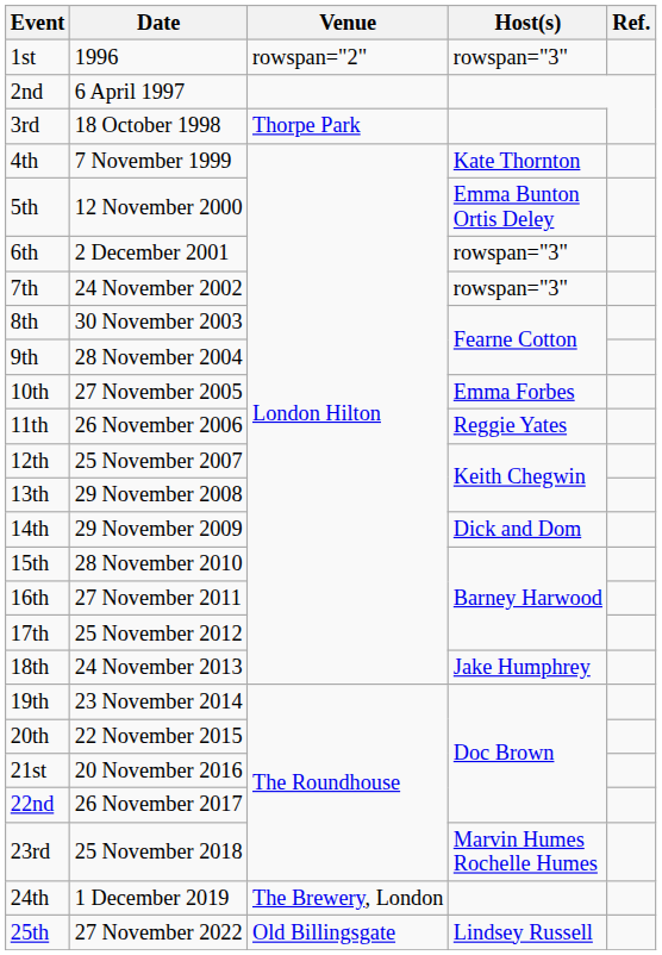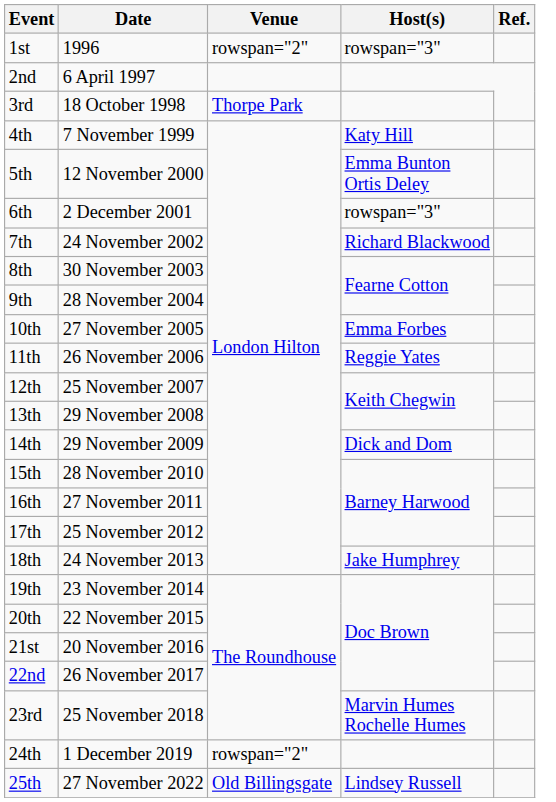 <table class="wikitable">
 <tr>
 <th scope="col">Event</th>
 <th scope="col">Date</th>
 <th scope="col">Venue</th>
 <th scope="col">Host(s)</th>
 <th scope="col">Ref.</th>
 </tr>
 <tr>
 <td>1st</td>
 <td>1996</td>
 <td>rowspan="2" </td>
 <td>rowspan="3" </td>
 <td></td>
 </tr>
 <tr>
 <td>2nd</td>
 <td>6 April 1997</td>
 <td></td>
 </tr>
 <tr>
 <td>3rd</td>
 <td>18 October 1998</td>
 <td><a href='#'>Thorpe Park</a></td>
 <td></td>
 </tr>
 <tr>
 <td>4th</td>
 <td>7 November 1999</td>
 <td rowspan="15"><a href='#'>London Hilton</a></td>
-<td><a href='#'>Kate Thornton</a></td>
+<td><a href='#'>Katy Hill</a></td>
 <td></td>
 </tr>
 <tr>
 <td>5th</td>
 <td>12 November 2000</td>
 <td><a href='#'>Emma Bunton</a><br><a href='#'>Ortis Deley</a></td>
 <td></td>
 </tr>
 <tr>
 <td>6th</td>
 <td>2 December 2001</td>
 <td>rowspan="3" </td>
 <td></td>
 </tr>
 <tr>
 <td>7th</td>
 <td>24 November 2002</td>
-<td>rowspan="3" </td>
+<td><a href='#'>Richard Blackwood</a></td>
 <td></td>
 </tr>
 <tr>
 <td>8th</td>
 <td>30 November 2003</td>
 <td rowspan="2"><a href='#'>Fearne Cotton</a></td>
 <td></td>
 </tr>
 <tr>
 <td>9th</td>
 <td>28 November 2004</td>
 <td></td>
 </tr>
 <tr>
 <td>10th</td>
 <td>27 November 2005</td>
 <td><a href='#'>Emma Forbes</a></td>
 <td></td>
 </tr>
 <tr>
 <td>11th</td>
 <td>26 November 2006</td>
 <td><a href='#'>Reggie Yates</a></td>
 <td></td>
 </tr>
 <tr>
 <td>12th</td>
 <td>25 November 2007</td>
 <td rowspan="2"><a href='#'>Keith Chegwin</a></td>
 <td></td>
 </tr>
 <tr>
 <td>13th</td>
 <td>29 November 2008</td>
 <td></td>
 </tr>
 <tr>
 <td>14th</td>
 <td>29 November 2009</td>
 <td><a href='#'>Dick and Dom</a></td>
 <td></td>
 </tr>
 <tr>
 <td>15th</td>
 <td>28 November 2010</td>
 <td rowspan="3"><a href='#'>Barney Harwood</a></td>
 <td></td>
 </tr>
 <tr>
 <td>16th</td>
 <td>27 November 2011</td>
 <td></td>
 </tr>
 <tr>
 <td>17th</td>
 <td>25 November 2012</td>
 <td></td>
 </tr>
 <tr>
 <td>18th</td>
 <td>24 November 2013</td>
 <td><a href='#'>Jake Humphrey</a></td>
 <td></td>
 </tr>
 <tr>
 <td>19th</td>
 <td>23 November 2014</td>
 <td rowspan="5"><a href='#'>The Roundhouse</a></td>
 <td rowspan="4"><a href='#'>Doc Brown</a></td>
 <td></td>
 </tr>
 <tr>
 <td>20th</td>
 <td>22 November 2015</td>
 <td></td>
 </tr>
 <tr>
 <td>21st</td>
 <td>20 November 2016</td>
 <td></td>
 </tr>
 <tr>
 <td><a href='#'>22nd</a></td>
 <td>26 November 2017</td>
 <td></td>
 </tr>
 <tr>
 <td>23rd</td>
 <td>25 November 2018</td>
 <td><a href='#'>Marvin Humes</a><br><a href='#'>Rochelle Humes</a></td>
 <td></td>
 </tr>
 <tr>
 <td>24th</td>
 <td>1 December 2019</td>
-<td><a href='#'>The Brewery</a>, London</td>
+<td>rowspan="2" </td>
 <td></td>
 <td></td>
 </tr>
 <tr>
 <td><a href='#'>25th</a></td>
 <td>27 November 2022</td>
 <td><a href='#'>Old Billingsgate</a></td>
 <td><a href='#'>Lindsey Russell</a></td>
 <td></td>
 </tr>
 <tr>
 </tr>
 </table>
